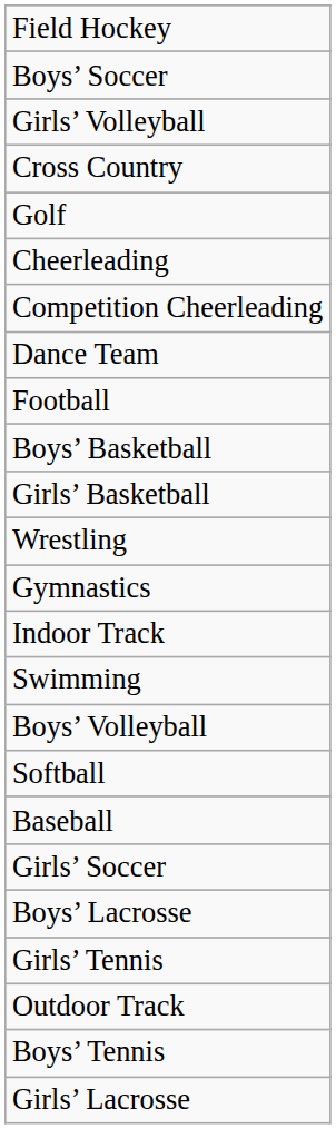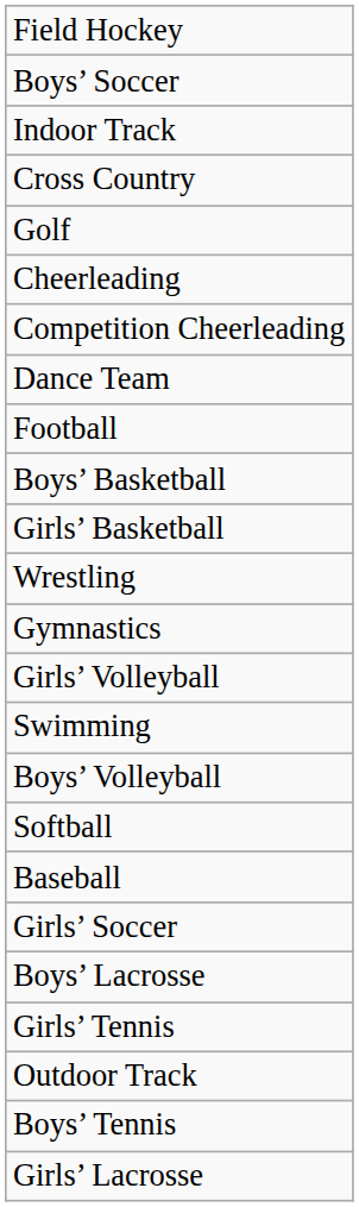 <table class="wikitable">
 <tr>
 <td>Field Hockey</td>
 </tr>
 <tr>
 <td>Boys’ Soccer</td>
 </tr>
 <tr>
-<td>Girls’ Volleyball</td>
+<td>Indoor Track</td>
 </tr>
 <tr>
 <td>Cross Country</td>
 </tr>
 <tr>
 <td>Golf</td>
 </tr>
 <tr>
 <td>Cheerleading</td>
 </tr>
 <tr>
 <td>Competition Cheerleading</td>
 </tr>
 <tr>
 <td>Dance Team</td>
 </tr>
 <tr>
 <td>Football</td>
 </tr>
 <tr>
 <td>Boys’ Basketball</td>
 </tr>
 <tr>
 <td>Girls’ Basketball</td>
 </tr>
 <tr>
 <td>Wrestling</td>
 </tr>
 <tr>
 <td>Gymnastics</td>
 </tr>
 <tr>
-<td>Indoor Track</td>
+<td>Girls’ Volleyball</td>
 </tr>
 <tr>
 <td>Swimming</td>
 </tr>
 <tr>
 <td>Boys’ Volleyball</td>
 </tr>
 <tr>
 <td>Softball</td>
 </tr>
 <tr>
 <td>Baseball</td>
 </tr>
 <tr>
 <td>Girls’ Soccer</td>
 </tr>
 <tr>
 <td>Boys’ Lacrosse</td>
 </tr>
 <tr>
 <td>Girls’ Tennis</td>
 </tr>
 <tr>
 <td>Outdoor Track</td>
 </tr>
 <tr>
 <td>Boys’ Tennis</td>
 </tr>
 <tr>
 <td>Girls’ Lacrosse</td>
 </tr>
 </table>
